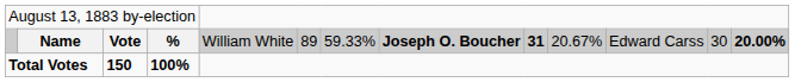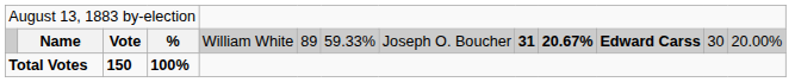 <table class="wikitable">
 <tr>
 <td colspan=4 align=center>August 13, 1883 by-election</td>
 </tr>
 <tr bgcolor="CCCCCC">
 <td></td>
 <th><strong>Name </strong></th>
 <th><strong>Vote</strong></th>
 <th><strong>%</strong><br></th>
 <td>William White</td>
 <td>89</td>
 <td>59.33%<br></td>
-<td><strong>Joseph O. Boucher</strong></td>
+<td>Joseph O. Boucher</td>
 <td><strong>31</strong></td>
-<td>20.67%<br></td>
-<td>Edward Carss</td>
+<td><strong>20.67%<br></strong></td>
+<td><strong>Edward Carss</strong></td>
 <td>30</td>
-<td><strong>20.00%</strong></td>
+<td>20.00%</td>
 </tr>
 <tr>
 <td colspan=2><strong>Total Votes</strong></td>
 <td><strong>150</strong></td>
 <td><strong>100%</strong></td>
 </tr>
 </table>
